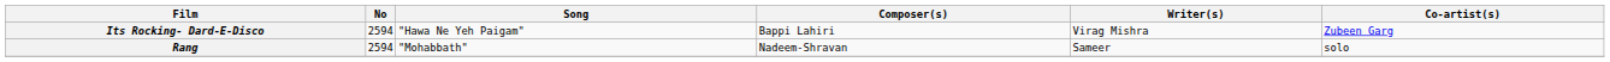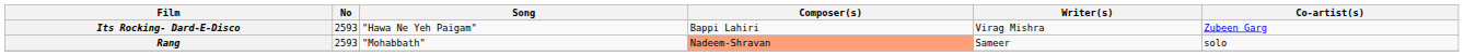 <table class="wikitable plainrowheaders" width="100%" textcolor:#000;">
 <tr style="background:#b0e0e66;">
 <th scope="col" width=23%><strong>Film</strong></th>
 <th><strong>No</strong></th>
 <th scope="col" width=23%><strong>Song</strong></th>
 <th scope="col" width=20%><strong>Composer(s)</strong></th>
 <th scope="col" width=16%><strong>Writer(s)</strong></th>
 <th scope="col" width=18%><strong>Co-artist(s)</strong></th>
 </tr>
 <tr>
 <th><em>Its Rocking- Dard-E-Disco</em></th>
-<td>2594</td>
+<td>2593</td>
 <td>"Hawa Ne Yeh Paigam"</td>
 <td>Bappi Lahiri</td>
 <td>Virag Mishra</td>
 <td><a href='#'>Zubeen Garg</a></td>
 </tr>
 <tr>
 <th><em>Rang</em></th>
-<td>2594</td>
+<td>2593</td>
 <td>"Mohabbath"</td>
-<td>Nadeem-Shravan</td>
+<td style="background: lightsalmon;">Nadeem-Shravan</td>
 <td>Sameer</td>
 <td>solo</td>
 </tr>
 <tr>
 </tr>
 </table>
